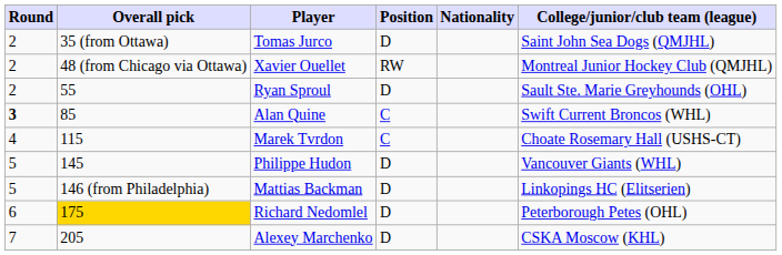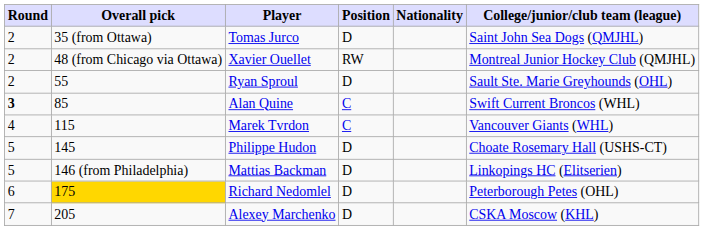 <table class="wikitable">
 <tr>
 <th style="background:#ddf;">Round</th>
 <th style="background:#ddf;">Overall pick</th>
 <th style="background:#ddf;">Player</th>
 <th style="background:#ddf;">Position</th>
 <th style="background:#ddf;">Nationality</th>
 <th style="background:#ddf;">College/junior/club team (league)</th>
 </tr>
 <tr>
 <td>2</td>
 <td>35 (from Ottawa)</td>
 <td><a href='#'>Tomas Jurco</a></td>
 <td>D</td>
 <td></td>
 <td><a href='#'>Saint John Sea Dogs</a> (<a href='#'>QMJHL</a>)</td>
 </tr>
 <tr>
 <td>2</td>
 <td>48 (from Chicago via Ottawa)</td>
 <td><a href='#'>Xavier Ouellet</a></td>
 <td>RW</td>
 <td></td>
 <td><a href='#'>Montreal Junior Hockey Club</a> (QMJHL)</td>
 </tr>
 <tr>
 <td>2</td>
 <td>55</td>
 <td><a href='#'>Ryan Sproul</a></td>
 <td>D</td>
 <td></td>
 <td><a href='#'>Sault Ste. Marie Greyhounds</a> (<a href='#'>OHL</a>)</td>
 </tr>
 <tr>
 <td><strong>3</strong></td>
 <td>85</td>
 <td><a href='#'>Alan Quine</a></td>
 <td><a href='#'>C</a></td>
 <td></td>
 <td><a href='#'>Swift Current Broncos</a> (WHL)</td>
 </tr>
 <tr>
 <td>4</td>
 <td>115</td>
 <td><a href='#'>Marek Tvrdon</a></td>
 <td><a href='#'>C</a></td>
 <td></td>
-<td><a href='#'>Choate Rosemary Hall</a> (USHS-CT)</td>
+<td><a href='#'>Vancouver Giants</a> (<a href='#'>WHL</a>)</td>
 </tr>
 <tr>
 <td>5</td>
 <td>145</td>
 <td><a href='#'>Philippe Hudon</a></td>
 <td>D</td>
 <td></td>
-<td><a href='#'>Vancouver Giants</a> (<a href='#'>WHL</a>)</td>
+<td><a href='#'>Choate Rosemary Hall</a> (USHS-CT)</td>
 </tr>
 <tr>
 <td>5</td>
 <td>146 (from Philadelphia)</td>
 <td><a href='#'>Mattias Backman</a></td>
 <td>D</td>
 <td></td>
 <td><a href='#'>Linkopings HC</a> (<a href='#'>Elitserien</a>)</td>
 </tr>
 <tr>
 <td>6</td>
 <td style="background: gold;">175</td>
 <td><a href='#'>Richard Nedomlel</a></td>
 <td>D</td>
 <td></td>
 <td><a href='#'>Peterborough Petes</a> (OHL)</td>
 </tr>
 <tr>
 <td>7</td>
 <td>205</td>
 <td><a href='#'>Alexey Marchenko</a></td>
 <td>D</td>
 <td></td>
 <td><a href='#'>CSKA Moscow</a> (<a href='#'>KHL</a>)</td>
 </tr>
 </table>
